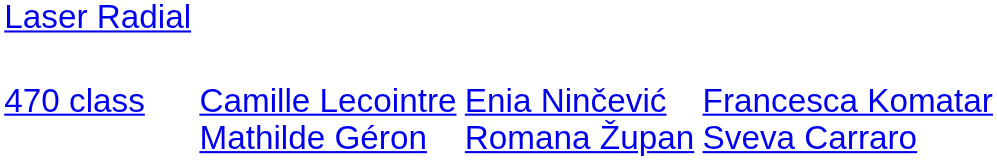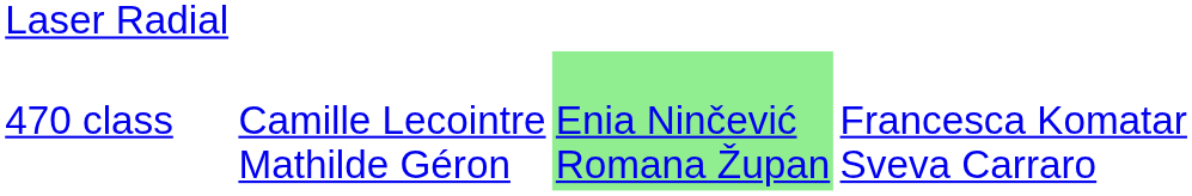 <table>
 <tr>
 <td><a href='#'>Laser Radial</a> <br> </td>
 <td></td>
 <td></td>
 <td></td>
 </tr>
 <tr>
 <td><a href='#'>470 class</a> <br> </td>
 <td><br><a href='#'>Camille Lecointre</a><br><a href='#'>Mathilde Géron</a></td>
-<td><br><a href='#'>Enia Ninčević</a><br><a href='#'>Romana Župan</a></td>
+<td style="background: lightgreen;"><br><a href='#'>Enia Ninčević</a><br><a href='#'>Romana Župan</a></td>
 <td><br><a href='#'>Francesca Komatar</a><br><a href='#'>Sveva Carraro</a></td>
 </tr>
 </table>
